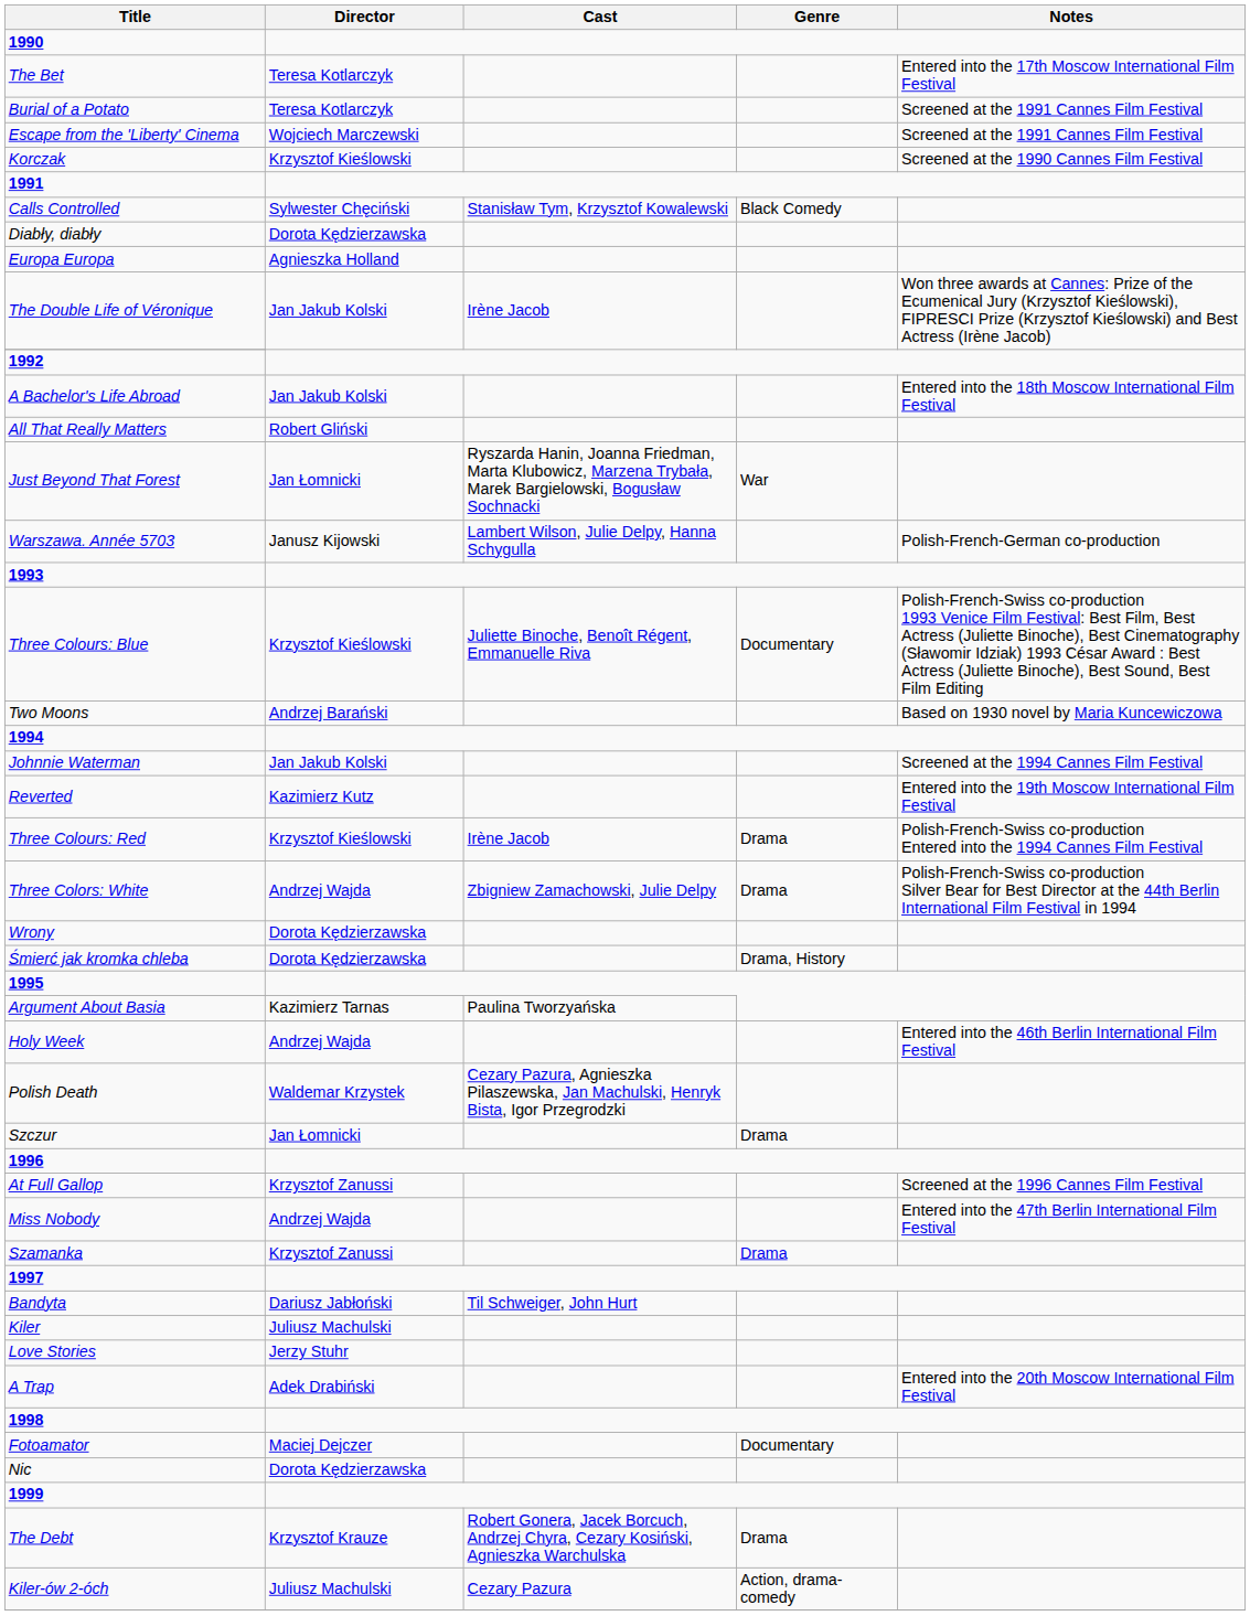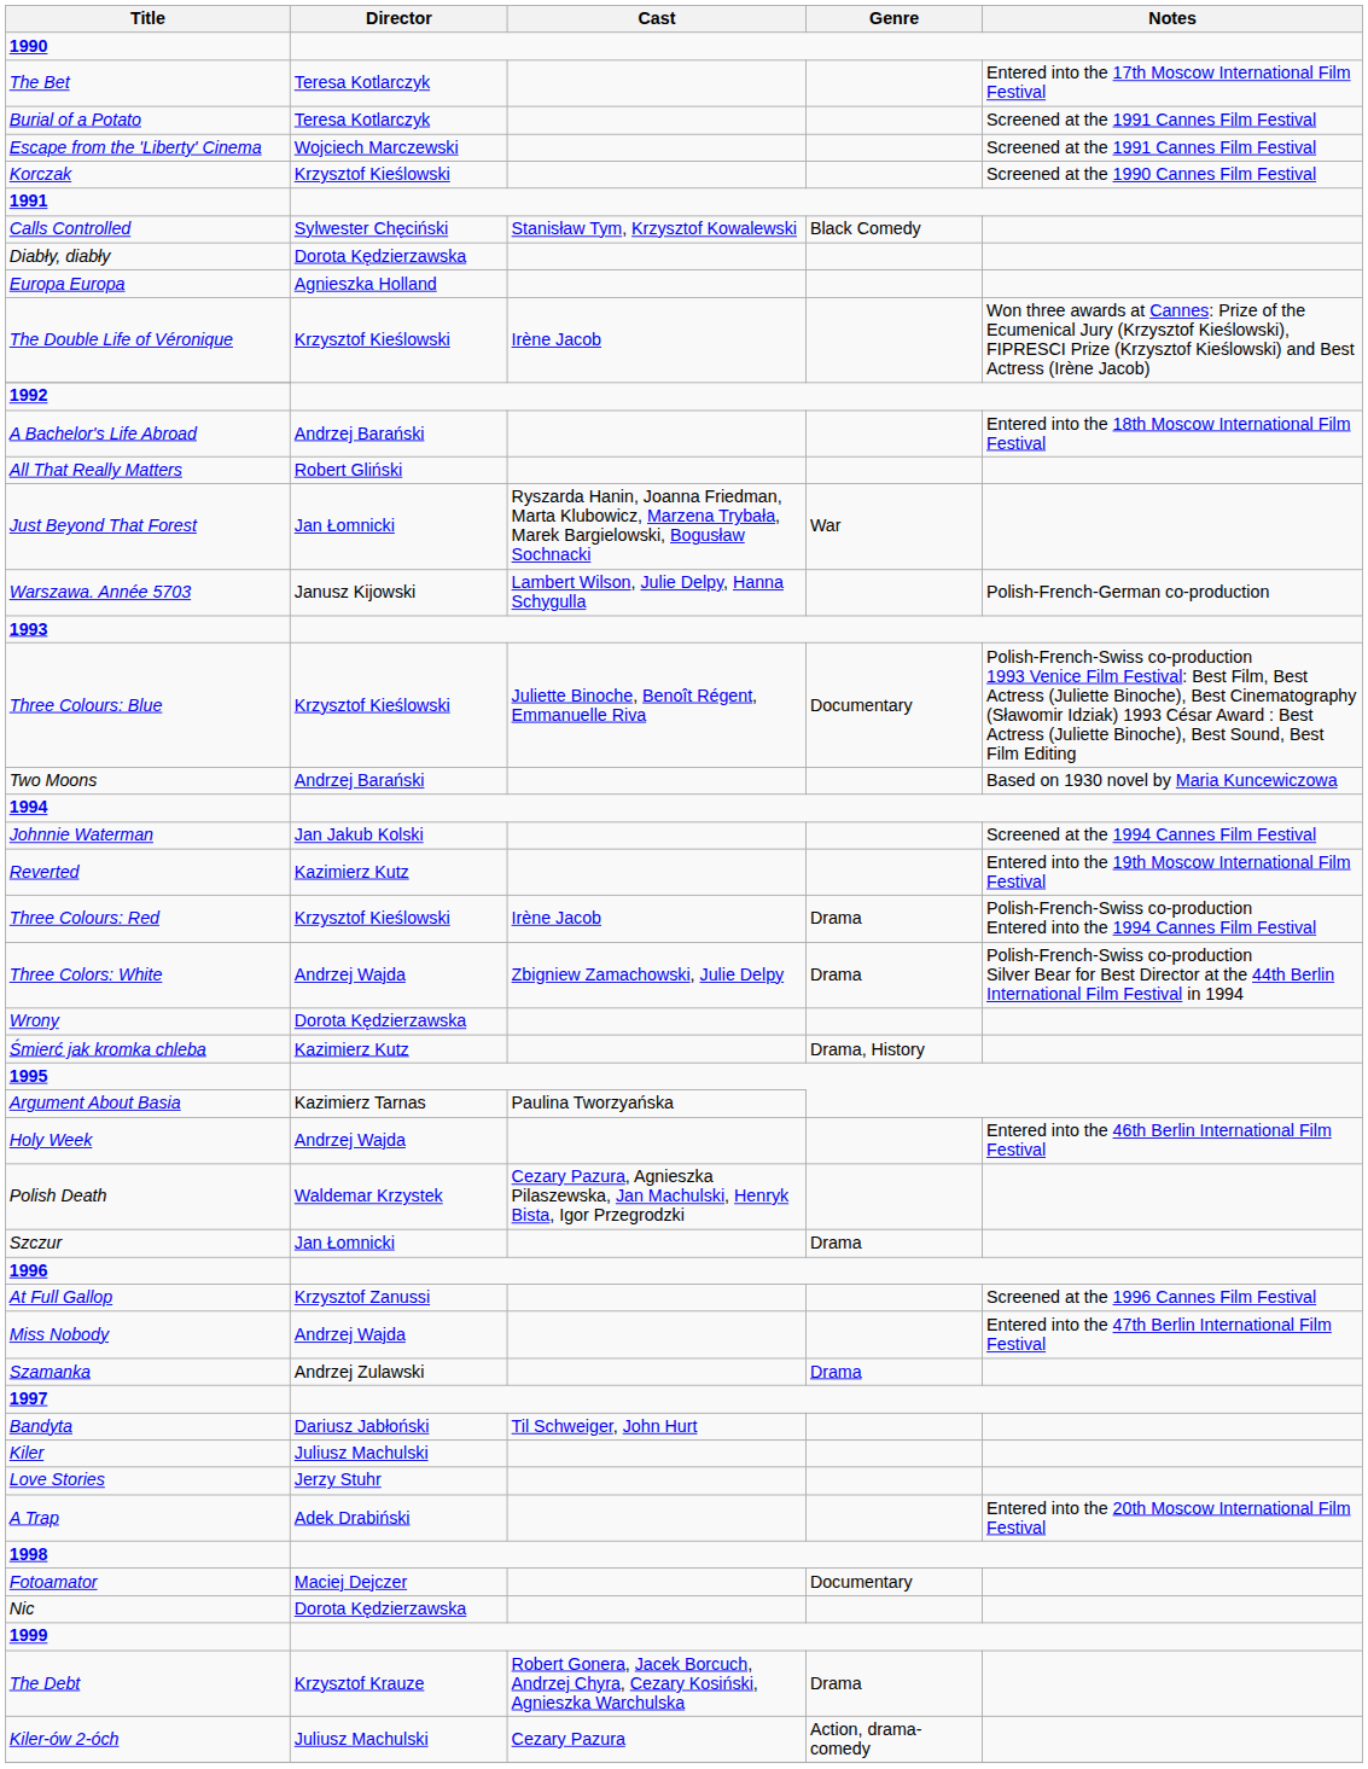 <table class="wikitable" width= "100%">
 <tr>
 <th width=21%>Title</th>
 <th width=16%>Director</th>
 <th width=22%>Cast</th>
 <th width=13%>Genre</th>
 <th width=28%>Notes</th>
 </tr>
 <tr>
 <td><strong><a href='#'>1990</a></strong></td>
 </tr>
 <tr>
 <td><em><a href='#'>The Bet</a></em></td>
 <td><a href='#'>Teresa Kotlarczyk</a></td>
 <td></td>
 <td></td>
 <td>Entered into the <a href='#'>17th Moscow International Film Festival</a></td>
 </tr>
 <tr>
 <td><em><a href='#'>Burial of a Potato</a></em></td>
 <td><a href='#'>Teresa Kotlarczyk</a></td>
 <td></td>
 <td></td>
 <td>Screened at the <a href='#'>1991 Cannes Film Festival</a></td>
 </tr>
 <tr>
 <td><em><a href='#'>Escape from the 'Liberty' Cinema</a></em></td>
 <td><a href='#'>Wojciech Marczewski</a></td>
 <td></td>
 <td></td>
 <td>Screened at the <a href='#'>1991 Cannes Film Festival</a></td>
 </tr>
 <tr>
 <td><em><a href='#'>Korczak</a></em></td>
 <td><a href='#'>Krzysztof Kieślowski</a></td>
 <td></td>
 <td></td>
 <td>Screened at the <a href='#'>1990 Cannes Film Festival</a></td>
 </tr>
 <tr>
 <td><strong><a href='#'>1991</a></strong></td>
 </tr>
 <tr>
 <td><em><a href='#'>Calls Controlled</a></em></td>
 <td><a href='#'>Sylwester Chęciński</a></td>
 <td><a href='#'>Stanisław Tym</a>, <a href='#'>Krzysztof Kowalewski</a></td>
 <td>Black Comedy</td>
 <td></td>
 </tr>
 <tr>
 <td><em>Diabły, diabły</em></td>
 <td><a href='#'>Dorota Kędzierzawska</a></td>
 <td></td>
 <td></td>
 <td></td>
 </tr>
 <tr>
 <td><em><a href='#'>Europa Europa</a></em></td>
 <td><a href='#'>Agnieszka Holland</a></td>
 <td></td>
 <td></td>
 <td></td>
 </tr>
 <tr>
 <td><em><a href='#'>The Double Life of Véronique</a></em></td>
-<td><a href='#'>Jan Jakub Kolski</a></td>
+<td><a href='#'>Krzysztof Kieślowski</a></td>
 <td><a href='#'>Irène Jacob</a></td>
 <td></td>
 <td>Won three awards at <a href='#'>Cannes</a>: Prize of the Ecumenical Jury (Krzysztof Kieślowski), FIPRESCI Prize (Krzysztof Kieślowski) and Best Actress (Irène Jacob)</td>
 </tr>
 <tr ‘’>
 </tr>
 <tr ‘ ‘ >
 </tr>
 <tr>
 <td><strong><a href='#'>1992</a></strong></td>
 </tr>
 <tr>
 <td><em><a href='#'>A Bachelor's Life Abroad</a></em></td>
-<td><a href='#'>Jan Jakub Kolski</a></td>
+<td><a href='#'>Andrzej Barański</a></td>
 <td></td>
 <td></td>
 <td>Entered into the <a href='#'>18th Moscow International Film Festival</a></td>
 </tr>
 <tr>
 <td><em><a href='#'>All That Really Matters</a></em></td>
 <td><a href='#'>Robert Gliński</a></td>
 <td></td>
 <td></td>
 <td></td>
 </tr>
 <tr>
 <td><em><a href='#'>Just Beyond That Forest</a></em></td>
 <td><a href='#'>Jan Łomnicki</a></td>
 <td>Ryszarda Hanin, Joanna Friedman, Marta Klubowicz, <a href='#'>Marzena Trybała</a>, Marek Bargielowski, <a href='#'>Bogusław Sochnacki</a></td>
 <td>War</td>
 <td></td>
 </tr>
 <tr>
 <td><em><a href='#'>Warszawa. Année 5703</a></em></td>
 <td>Janusz Kijowski</td>
 <td><a href='#'>Lambert Wilson</a>, <a href='#'>Julie Delpy</a>, <a href='#'>Hanna Schygulla</a></td>
 <td></td>
 <td>Polish-French-German co-production</td>
 </tr>
 <tr>
 <td><strong><a href='#'>1993</a></strong></td>
 </tr>
 <tr>
 <td><em><a href='#'>Three Colours: Blue</a></em></td>
 <td><a href='#'>Krzysztof Kieślowski</a></td>
 <td><a href='#'>Juliette Binoche</a>, <a href='#'>Benoît Régent</a>, <a href='#'>Emmanuelle Riva</a></td>
 <td>Documentary</td>
 <td>Polish-French-Swiss co-production<br><a href='#'>1993 Venice Film Festival</a>: Best Film, Best Actress (Juliette Binoche), Best Cinematography (Sławomir Idziak) 1993 César Award : Best Actress (Juliette Binoche), Best Sound, Best Film Editing</td>
 </tr>
 <tr>
 <td><em>Two Moons</em></td>
 <td><a href='#'>Andrzej Barański</a></td>
 <td></td>
 <td></td>
 <td>Based on 1930 novel by <a href='#'>Maria Kuncewiczowa</a></td>
 </tr>
 <tr>
 <td><strong><a href='#'>1994</a></strong></td>
 </tr>
 <tr>
 <td><em><a href='#'>Johnnie Waterman</a></em></td>
 <td><a href='#'>Jan Jakub Kolski</a></td>
 <td></td>
 <td></td>
 <td>Screened at the <a href='#'>1994 Cannes Film Festival</a></td>
 </tr>
 <tr>
 <td><em><a href='#'>Reverted</a></em></td>
 <td><a href='#'>Kazimierz Kutz</a></td>
 <td></td>
 <td></td>
 <td>Entered into the <a href='#'>19th Moscow International Film Festival</a></td>
 </tr>
 <tr>
 <td><em><a href='#'>Three Colours: Red</a></em></td>
 <td><a href='#'>Krzysztof Kieślowski</a></td>
 <td><a href='#'>Irène Jacob</a></td>
 <td>Drama</td>
 <td>Polish-French-Swiss co-production<br>Entered into the <a href='#'>1994 Cannes Film Festival</a></td>
 </tr>
 <tr>
 <td><em><a href='#'>Three Colors: White</a></em></td>
 <td><a href='#'>Andrzej Wajda</a></td>
 <td><a href='#'>Zbigniew Zamachowski</a>, <a href='#'>Julie Delpy</a></td>
 <td>Drama</td>
 <td>Polish-French-Swiss co-production<br>Silver Bear for Best Director at the <a href='#'>44th Berlin International Film Festival</a> in 1994</td>
 </tr>
 <tr>
 <td><em><a href='#'>Wrony</a></em></td>
 <td><a href='#'>Dorota Kędzierzawska</a></td>
 <td></td>
 <td></td>
 <td></td>
 </tr>
 <tr>
 <td><em><a href='#'>Śmierć jak kromka chleba</a></em></td>
-<td><a href='#'>Dorota Kędzierzawska</a></td>
+<td><a href='#'>Kazimierz Kutz</a></td>
 <td></td>
 <td>Drama, History</td>
 <td></td>
 </tr>
 <tr>
 <td><strong><a href='#'>1995</a></strong></td>
 </tr>
 <tr>
 <td><em><a href='#'>Argument About Basia</a></em></td>
 <td>Kazimierz Tarnas</td>
 <td>Paulina Tworzyańska</td>
 </tr>
 <tr>
 <td><em><a href='#'>Holy Week</a></em></td>
 <td><a href='#'>Andrzej Wajda</a></td>
 <td></td>
 <td></td>
 <td>Entered into the <a href='#'>46th Berlin International Film Festival</a></td>
 </tr>
 <tr>
 <td><em>Polish Death</em></td>
 <td><a href='#'>Waldemar Krzystek</a></td>
 <td><a href='#'>Cezary Pazura</a>, Agnieszka Pilaszewska, <a href='#'>Jan Machulski</a>, <a href='#'>Henryk Bista</a>, Igor Przegrodzki</td>
 <td></td>
 <td></td>
 </tr>
 <tr>
 <td><em>Szczur</em></td>
 <td><a href='#'>Jan Łomnicki</a></td>
 <td></td>
 <td>Drama</td>
 <td></td>
 </tr>
 <tr>
 <td><strong><a href='#'>1996</a></strong></td>
 </tr>
 <tr>
 <td><em><a href='#'>At Full Gallop</a></em></td>
 <td><a href='#'>Krzysztof Zanussi</a></td>
 <td></td>
 <td></td>
 <td>Screened at the <a href='#'>1996 Cannes Film Festival</a></td>
 </tr>
 <tr>
 <td><em><a href='#'>Miss Nobody</a></em></td>
 <td><a href='#'>Andrzej Wajda</a></td>
 <td></td>
 <td></td>
 <td>Entered into the <a href='#'>47th Berlin International Film Festival</a></td>
 </tr>
 <tr>
 <td><em><a href='#'>Szamanka</a></em></td>
-<td><a href='#'>Krzysztof Zanussi</a></td>
+<td>Andrzej Zulawski</td>
 <td></td>
 <td><a href='#'>Drama</a></td>
 <td></td>
 </tr>
 <tr>
 <td><strong><a href='#'>1997</a></strong></td>
 </tr>
 <tr>
 <td><em><a href='#'>Bandyta</a></em></td>
 <td><a href='#'>Dariusz Jabłoński</a></td>
 <td><a href='#'>Til Schweiger</a>, <a href='#'>John Hurt</a></td>
 <td></td>
 <td></td>
 </tr>
 <tr>
 <td><em><a href='#'>Kiler</a></em></td>
 <td><a href='#'>Juliusz Machulski</a></td>
 <td></td>
 <td></td>
 <td></td>
 </tr>
 <tr>
 <td><em><a href='#'>Love Stories</a></em></td>
 <td><a href='#'>Jerzy Stuhr</a></td>
 <td></td>
 <td></td>
 <td></td>
 </tr>
 <tr>
 <td><em><a href='#'>A Trap</a></em></td>
 <td><a href='#'>Adek Drabiński</a></td>
 <td></td>
 <td></td>
 <td>Entered into the <a href='#'>20th Moscow International Film Festival</a></td>
 </tr>
 <tr>
 <td><strong><a href='#'>1998</a></strong></td>
 </tr>
 <tr>
 <td><em><a href='#'>Fotoamator</a></em></td>
 <td><a href='#'>Maciej Dejczer</a></td>
 <td></td>
 <td>Documentary</td>
 <td></td>
 </tr>
 <tr>
 <td><em>Nic</em></td>
 <td><a href='#'>Dorota Kędzierzawska</a></td>
 <td></td>
 <td></td>
 <td></td>
 </tr>
 <tr>
 <td><strong><a href='#'>1999</a></strong></td>
 </tr>
 <tr>
 <td><em><a href='#'>The Debt</a></em></td>
 <td><a href='#'>Krzysztof Krauze</a></td>
 <td><a href='#'>Robert Gonera</a>, <a href='#'>Jacek Borcuch</a>, <a href='#'>Andrzej Chyra</a>, <a href='#'>Cezary Kosiński</a>, <a href='#'>Agnieszka Warchulska</a></td>
 <td>Drama</td>
 <td></td>
 </tr>
 <tr>
 <td><em><a href='#'>Kiler-ów 2-óch</a></em></td>
 <td><a href='#'>Juliusz Machulski</a></td>
 <td><a href='#'>Cezary Pazura</a></td>
 <td>Action, drama-comedy</td>
 <td></td>
 </tr>
 <tr>
 </tr>
 </table>
